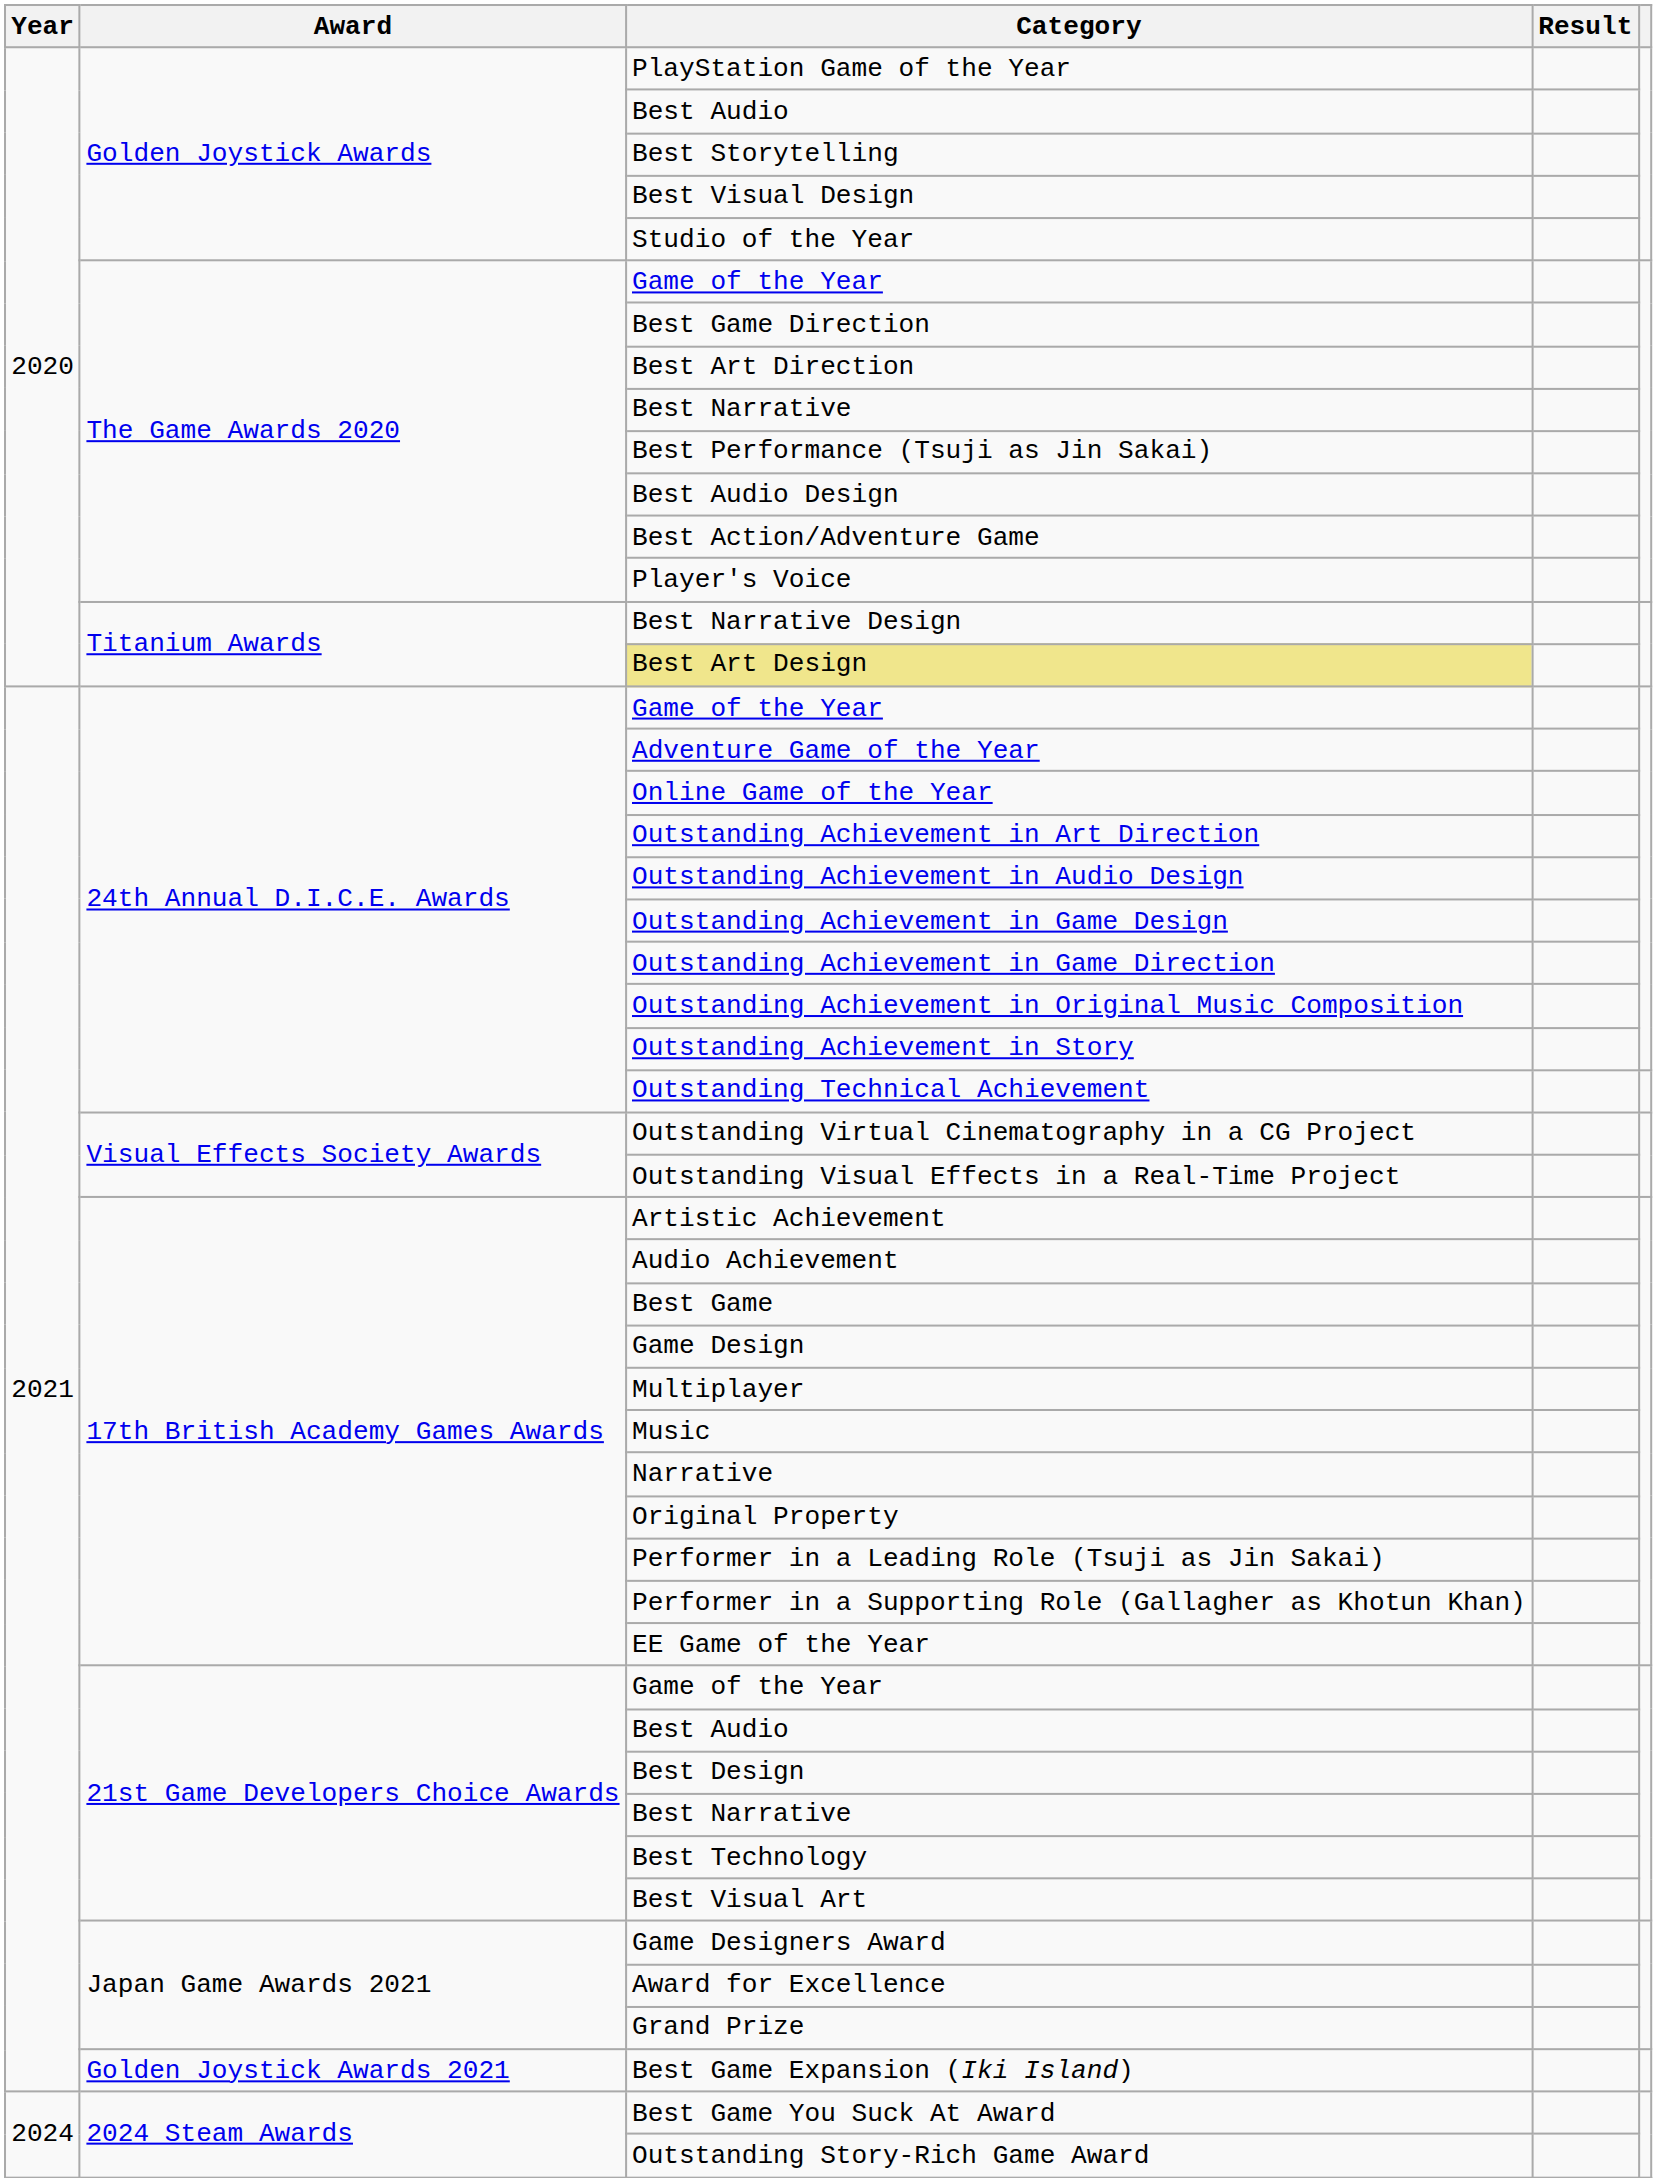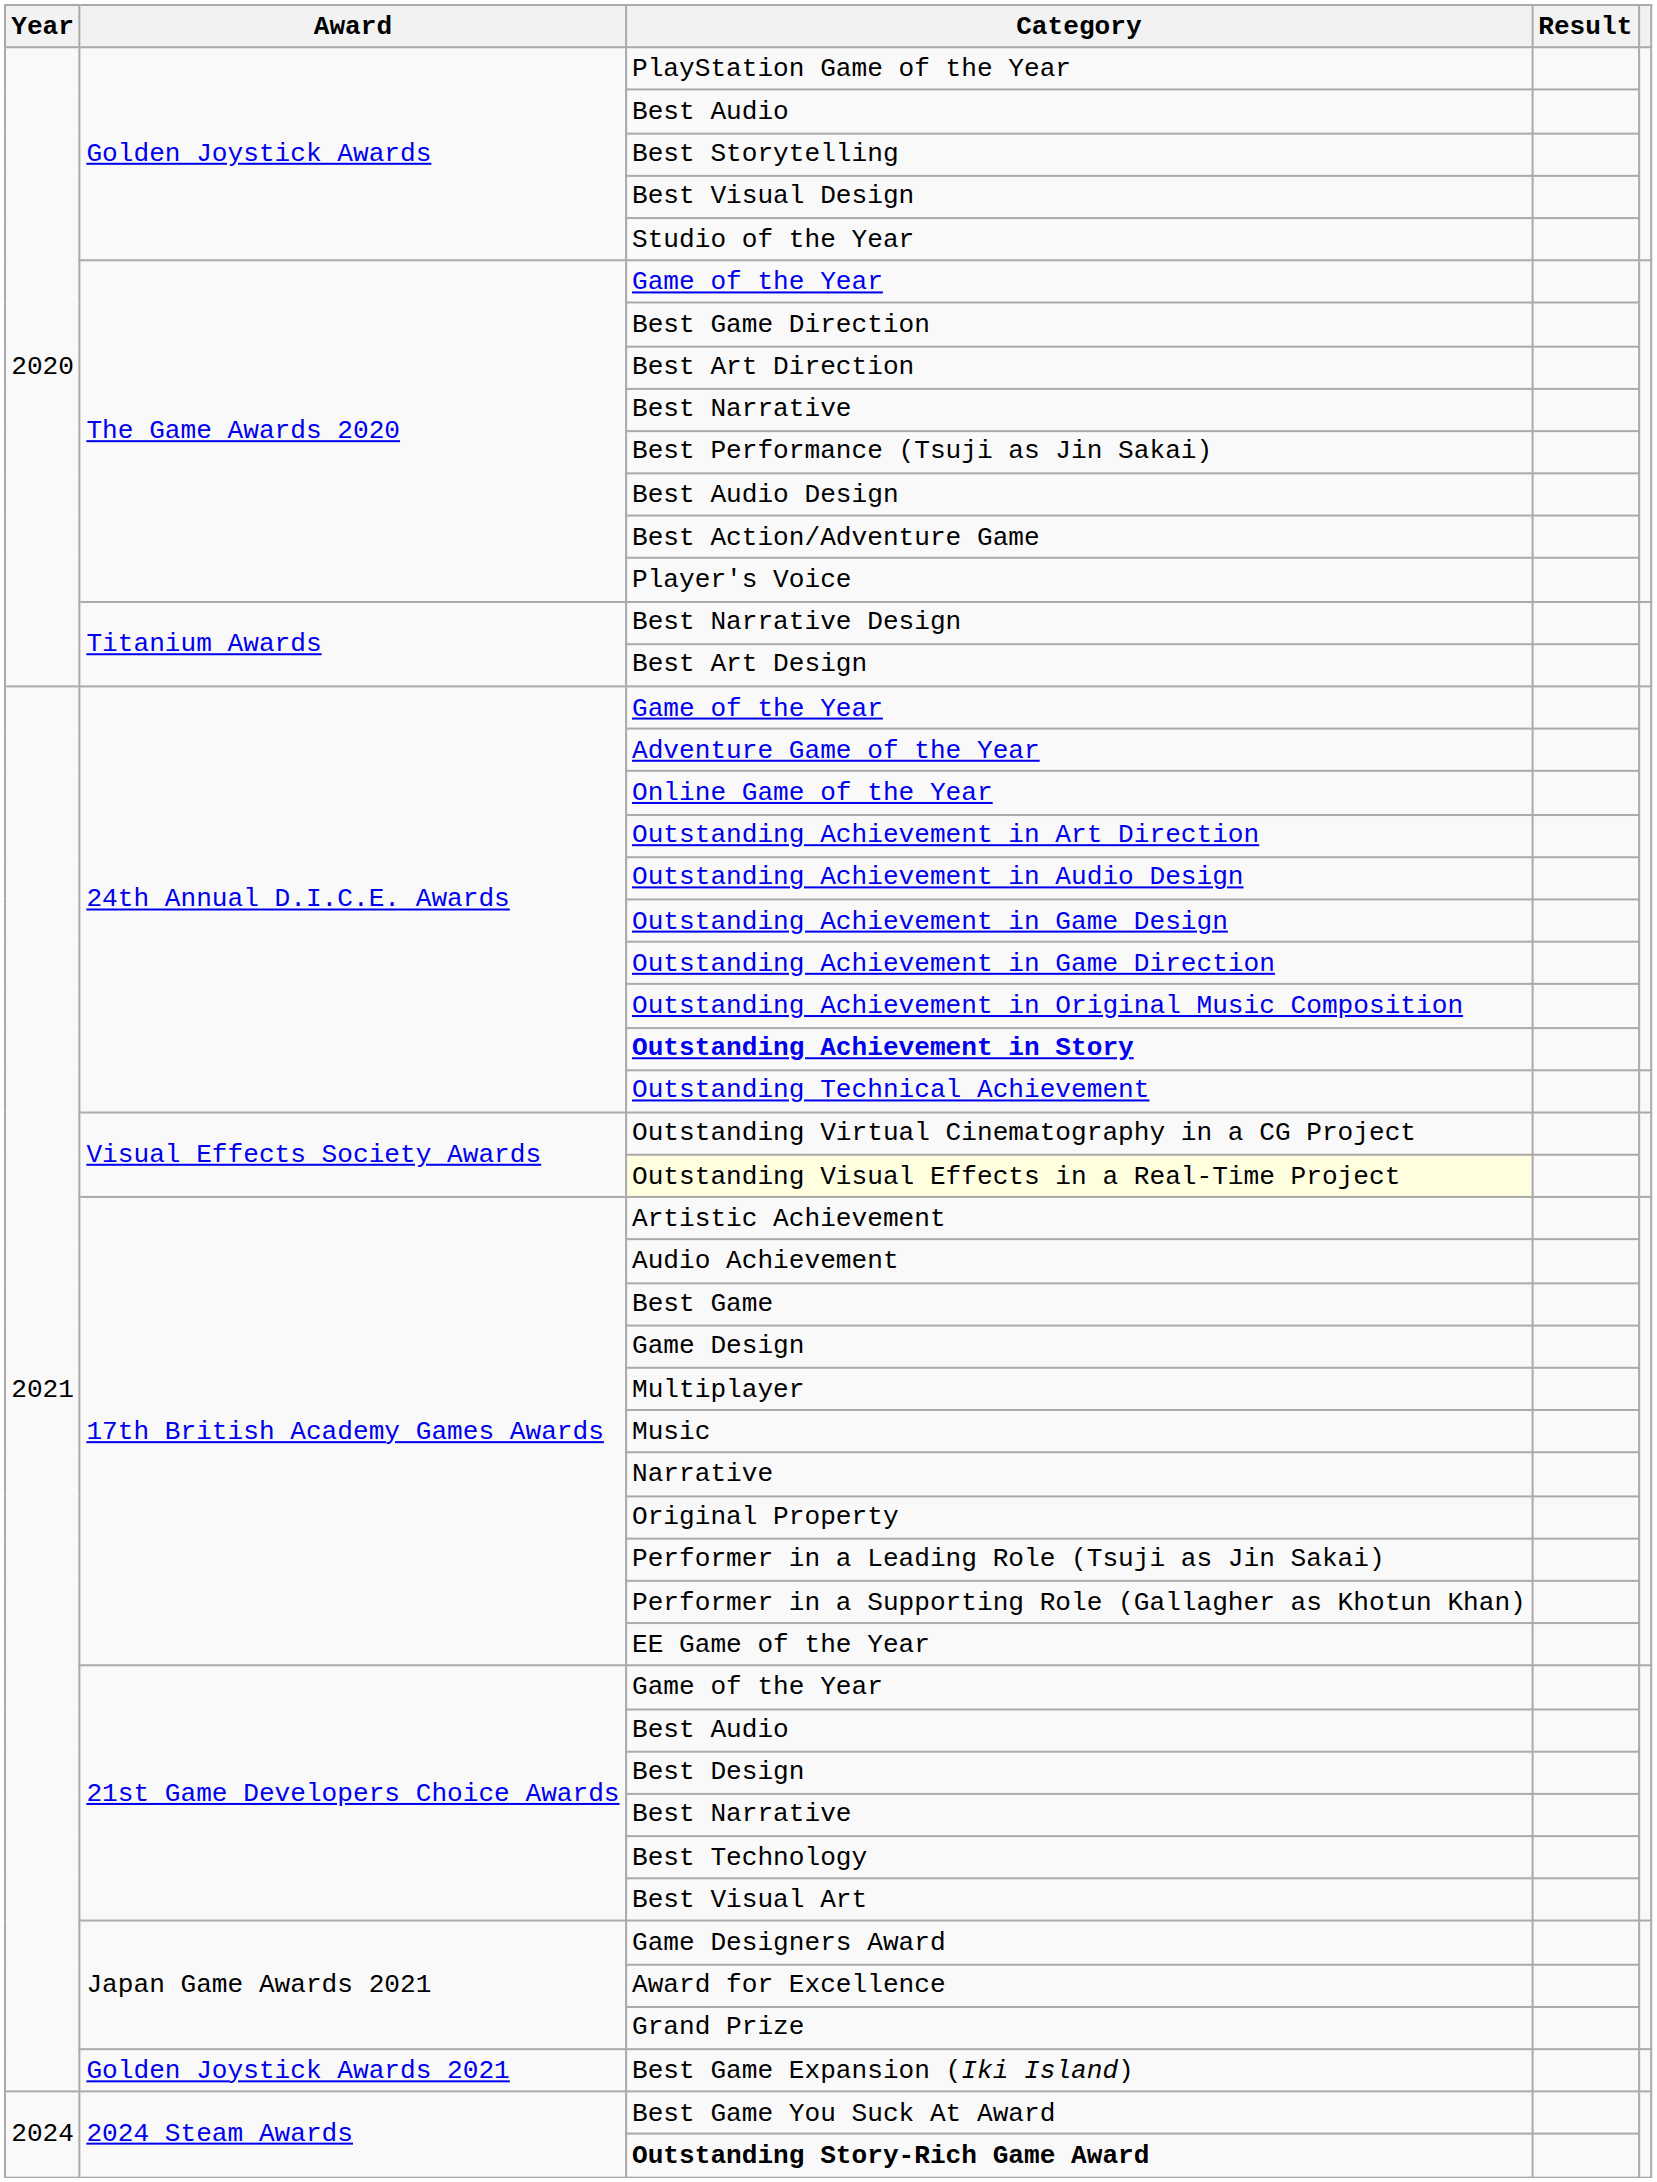 <table class="wikitable sortable">
 <tr>
 <th>Year</th>
 <th>Award</th>
 <th>Category</th>
 <th>Result</th>
 <th></th>
 </tr>
 <tr>
 <td rowspan="15" style="text-align:center;">2020</td>
 <td scope="row" rowspan="5"><a href='#'>Golden Joystick Awards</a></td>
 <td>PlayStation Game of the Year</td>
 <td></td>
 <td style="text-align:center;" rowspan="5"><br></td>
 </tr>
 <tr>
 <td>Best Audio</td>
 <td></td>
 </tr>
 <tr>
 <td>Best Storytelling</td>
 <td></td>
 </tr>
 <tr>
 <td>Best Visual Design</td>
 <td></td>
 </tr>
 <tr>
 <td>Studio of the Year</td>
 <td></td>
 </tr>
 <tr>
 <td scope="row" rowspan="8"><a href='#'>The Game Awards 2020</a></td>
 <td><a href='#'>Game of the Year</a></td>
 <td></td>
 <td rowspan="8" style="text-align:center;"></td>
 </tr>
 <tr>
 <td>Best Game Direction</td>
 <td></td>
 </tr>
 <tr>
 <td>Best Art Direction</td>
 <td></td>
 </tr>
 <tr>
 <td>Best Narrative</td>
 <td></td>
 </tr>
 <tr>
 <td>Best Performance (Tsuji as Jin Sakai)</td>
 <td></td>
 </tr>
 <tr>
 <td>Best Audio Design</td>
 <td></td>
 </tr>
 <tr>
 <td>Best Action/Adventure Game</td>
 <td></td>
 </tr>
 <tr>
 <td>Player's Voice</td>
 <td></td>
 </tr>
 <tr>
 <td scope="row" rowspan="2"><a href='#'>Titanium Awards</a></td>
 <td>Best Narrative Design</td>
 <td></td>
 <td style="text-align:center;" rowspan="2"></td>
 </tr>
 <tr>
-<td style="background: khaki;">Best Art Design</td>
+<td>Best Art Design</td>
 <td></td>
 </tr>
 <tr>
 <td rowspan="33" style="text-align:center;">2021</td>
 <td scope="row" rowspan="10"><a href='#'>24th Annual D.I.C.E. Awards</a></td>
 <td><a href='#'>Game of the Year</a></td>
 <td></td>
 <td style="text-align:center;" rowspan="9"><br></td>
 </tr>
 <tr>
 <td><a href='#'>Adventure Game of the Year</a></td>
 <td></td>
 </tr>
 <tr>
 <td><a href='#'>Online Game of the Year</a></td>
 <td></td>
 </tr>
 <tr>
 <td><a href='#'>Outstanding Achievement in Art Direction</a></td>
 <td></td>
 </tr>
 <tr>
 <td><a href='#'>Outstanding Achievement in Audio Design</a></td>
 <td></td>
 </tr>
 <tr>
 <td><a href='#'>Outstanding Achievement in Game Design</a></td>
 <td></td>
 </tr>
 <tr>
 <td><a href='#'>Outstanding Achievement in Game Direction</a></td>
 <td></td>
 </tr>
 <tr>
 <td><a href='#'>Outstanding Achievement in Original Music Composition</a></td>
 <td></td>
 </tr>
 <tr>
-<td><a href='#'>Outstanding Achievement in Story</a></td>
+<td><strong><a href='#'>Outstanding Achievement in Story</a></strong></td>
 <td></td>
 </tr>
 <tr>
 <td><a href='#'>Outstanding Technical Achievement</a></td>
 <td></td>
 </tr>
 <tr>
 <td scope="row" rowspan="2"><a href='#'>Visual Effects Society Awards</a></td>
 <td>Outstanding Virtual Cinematography in a CG Project</td>
 <td></td>
 <td style="text-align:center;" rowspan="2"><br></td>
 </tr>
 <tr>
-<td>Outstanding Visual Effects in a Real-Time Project</td>
+<td style="background: lightyellow;">Outstanding Visual Effects in a Real-Time Project</td>
 <td></td>
 </tr>
 <tr>
 <td scope="row" rowspan="11"><a href='#'>17th British Academy Games Awards</a></td>
 <td>Artistic Achievement</td>
 <td></td>
 <td style="text-align:center;" rowspan="11"><br></td>
 </tr>
 <tr>
 <td>Audio Achievement</td>
 <td></td>
 </tr>
 <tr>
 <td>Best Game</td>
 <td></td>
 </tr>
 <tr>
 <td>Game Design</td>
 <td></td>
 </tr>
 <tr>
 <td>Multiplayer</td>
 <td></td>
 </tr>
 <tr>
 <td>Music</td>
 <td></td>
 </tr>
 <tr>
 <td>Narrative</td>
 <td></td>
 </tr>
 <tr>
 <td>Original Property</td>
 <td></td>
 </tr>
 <tr>
 <td>Performer in a Leading Role (Tsuji as Jin Sakai)</td>
 <td></td>
 </tr>
 <tr>
 <td>Performer in a Supporting Role (Gallagher as Khotun Khan)</td>
 <td></td>
 </tr>
 <tr>
 <td>EE Game of the Year</td>
 <td></td>
 </tr>
 <tr>
 <td rowspan="6"><a href='#'>21st Game Developers Choice Awards</a></td>
 <td>Game of the Year</td>
 <td></td>
 <td style="text-align:center;" rowspan="6"></td>
 </tr>
 <tr>
 <td>Best Audio</td>
 <td></td>
 </tr>
 <tr>
 <td>Best Design</td>
 <td></td>
 </tr>
 <tr>
 <td>Best Narrative</td>
 <td></td>
 </tr>
 <tr>
 <td>Best Technology</td>
 <td></td>
 </tr>
 <tr>
 <td>Best Visual Art</td>
 <td></td>
 </tr>
 <tr>
 <td rowspan="3">Japan Game Awards 2021</td>
 <td>Game Designers Award</td>
 <td></td>
 <td style="text-align:center;" rowspan="3"></td>
 </tr>
 <tr>
 <td>Award for Excellence</td>
 <td></td>
 </tr>
 <tr>
 <td>Grand Prize</td>
 <td></td>
 </tr>
 <tr>
 <td><a href='#'>Golden Joystick Awards 2021</a></td>
 <td>Best Game Expansion (<em>Iki Island</em>)</td>
 <td></td>
 <td style="text-align:center;"></td>
 </tr>
 <tr>
 <td rowspan="2" style="text-align:center;">2024</td>
 <td rowspan="2"><a href='#'>2024 Steam Awards</a></td>
 <td>Best Game You Suck At Award</td>
 <td></td>
 <td style="text-align:center;" rowspan="2"></td>
 </tr>
 <tr>
-<td>Outstanding Story-Rich Game Award</td>
+<td><strong>Outstanding Story-Rich Game Award</strong></td>
 <td></td>
 </tr>
 <tr>
 </tr>
 </table>
